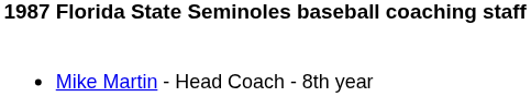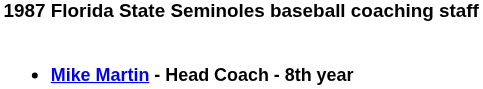 <table class="toccolours">
 <tr>
 <th colspan=9>1987 Florida State Seminoles baseball coaching staff</th>
 </tr>
 <tr>
-<td style="text-align: left; font-size: 95%;" valign="top"><br><ul><li><a href='#'>Mike Martin</a> - Head Coach - 8th year</li></ul></td>
+<td style="text-align: left; font-size: 95%;" valign="top"><strong><br><ul><li><a href='#'>Mike Martin</a> - Head Coach - 8th year</li></ul></strong></td>
 </tr>
 </table>
